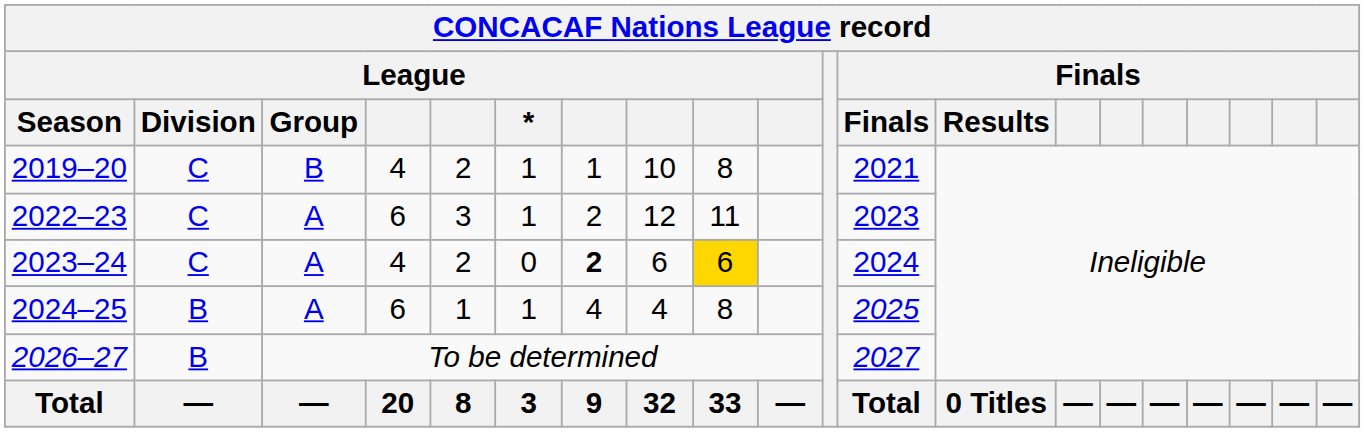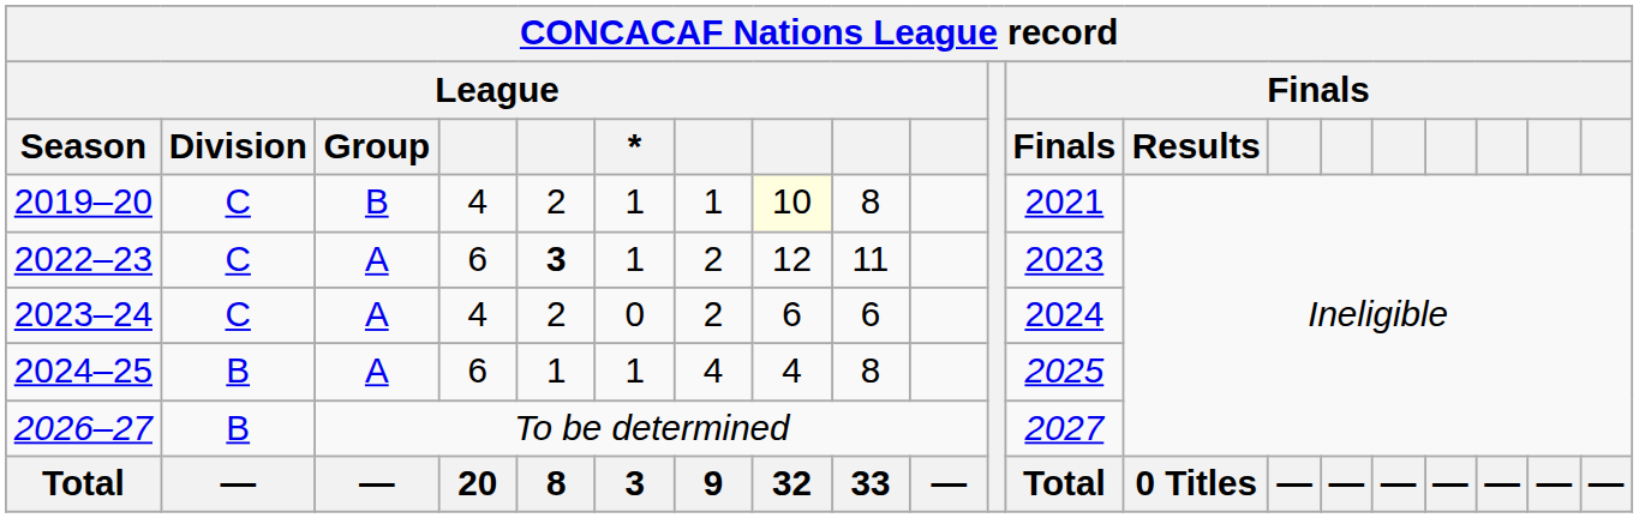 <table class="wikitable" style="text-align: center;">
 <tr>
 <th colspan="20"><a href='#'>CONCACAF Nations League</a> record</th>
 </tr>
 <tr>
 <th colspan="10">League</th>
 <th rowspan="8"></th>
 <th colspan="9">Finals</th>
 </tr>
 <tr>
 <th>Season</th>
 <th>Division</th>
 <th>Group</th>
 <th width="28"></th>
 <th width="28"></th>
 <th width="28">*</th>
 <th width="28"></th>
 <th width="28"></th>
 <th width="28"></th>
 <th width="28"></th>
 <th>Finals</th>
 <th>Results</th>
 <th></th>
 <th></th>
 <th></th>
 <th></th>
 <th></th>
 <th></th>
 <th></th>
 </tr>
 <tr>
 <td><a href='#'>2019–20</a></td>
 <td><a href='#'>C</a></td>
 <td><a href='#'>B</a></td>
 <td>4</td>
 <td>2</td>
 <td>1</td>
 <td>1</td>
-<td>10</td>
+<td style="background: lightyellow;">10</td>
 <td>8</td>
 <td></td>
 <td> <a href='#'>2021</a></td>
 <td colspan="8" rowspan="5"><em>Ineligible</em></td>
 </tr>
 <tr>
 <td><a href='#'>2022–23</a></td>
 <td><a href='#'>C</a></td>
 <td><a href='#'>A</a></td>
 <td>6</td>
-<td>3</td>
+<td><strong>3</strong></td>
 <td>1</td>
 <td>2</td>
 <td>12</td>
 <td>11</td>
 <td></td>
 <td> <a href='#'>2023</a></td>
 </tr>
 <tr>
 <td><a href='#'>2023–24</a></td>
 <td><a href='#'>C</a></td>
 <td><a href='#'>A</a></td>
 <td>4</td>
 <td>2</td>
 <td>0</td>
-<td><strong>2</strong></td>
+<td>2</td>
 <td>6</td>
-<td style="background: gold;">6</td>
+<td>6</td>
 <td></td>
 <td> <a href='#'>2024</a></td>
 </tr>
 <tr>
 <td><a href='#'>2024–25</a></td>
 <td><a href='#'>B</a></td>
 <td><a href='#'>A</a></td>
 <td>6</td>
 <td>1</td>
 <td>1</td>
 <td>4</td>
 <td>4</td>
 <td>8</td>
 <td></td>
 <td> <a href='#'><em>2025</em></a></td>
 </tr>
 <tr>
 <td><em><a href='#'>2026–27</a></em></td>
 <td><a href='#'>B</a></td>
 <td colspan="8"><em>To be determined</em></td>
 <td> <em><a href='#'>2027</a></em></td>
 </tr>
 <tr>
 <th>Total</th>
 <th>—</th>
 <th>—</th>
 <th>20</th>
 <th>8</th>
 <th>3</th>
 <th>9</th>
 <th>32</th>
 <th>33</th>
 <th>—</th>
 <th>Total</th>
 <th>0 Titles</th>
 <th>—</th>
 <th>—</th>
 <th>—</th>
 <th>—</th>
 <th>—</th>
 <th>—</th>
 <th>—</th>
 </tr>
 </table>
